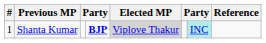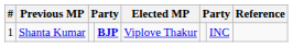 <table class="wikitable">
 <tr>
 <th>#</th>
 <th>Previous MP</th>
 <th colspan=2>Party</th>
 <th>Elected MP</th>
 <th colspan=2>Party</th>
 <th>Reference</th>
 </tr>
 <tr style="text-align:center;">
 <td>1</td>
 <td><a href='#'>Shanta Kumar</a></td>
 <td width="1px"></td>
 <td rowspan=1><strong><a href='#'>BJP</a></strong></td>
-<td style="background: lightgrey;"><a href='#'>Viplove Thakur</a></td>
+<td><a href='#'>Viplove Thakur</a></td>
 <td width="1px"></td>
-<td rowspan=1 style="background: paleturquoise;"><a href='#'>INC</a></td>
+<td rowspan=1><a href='#'>INC</a></td>
 <td rowspan=1></td>
 </tr>
 </table>
